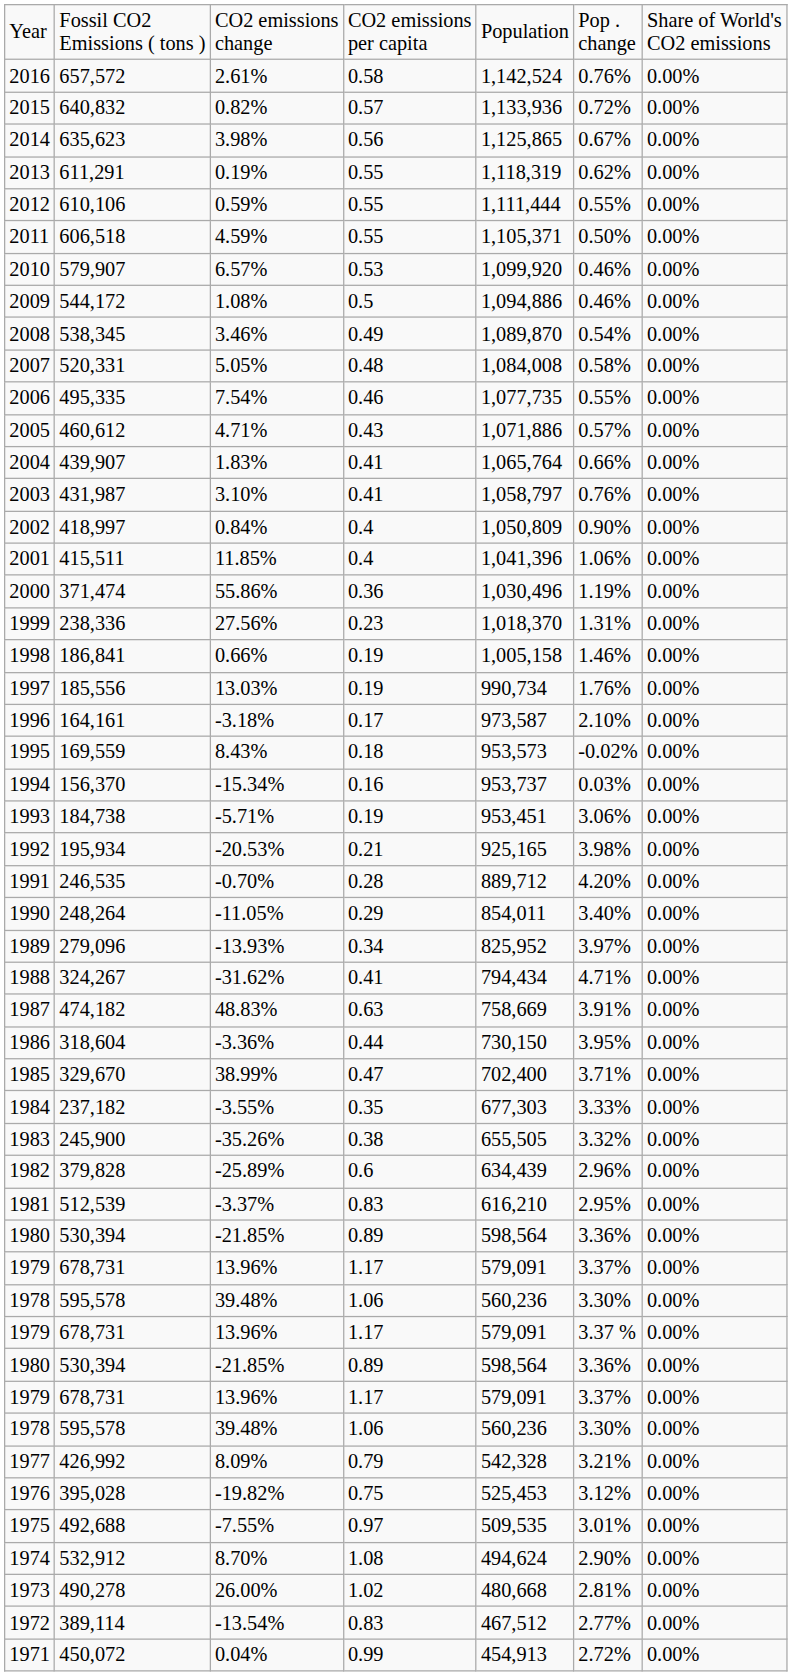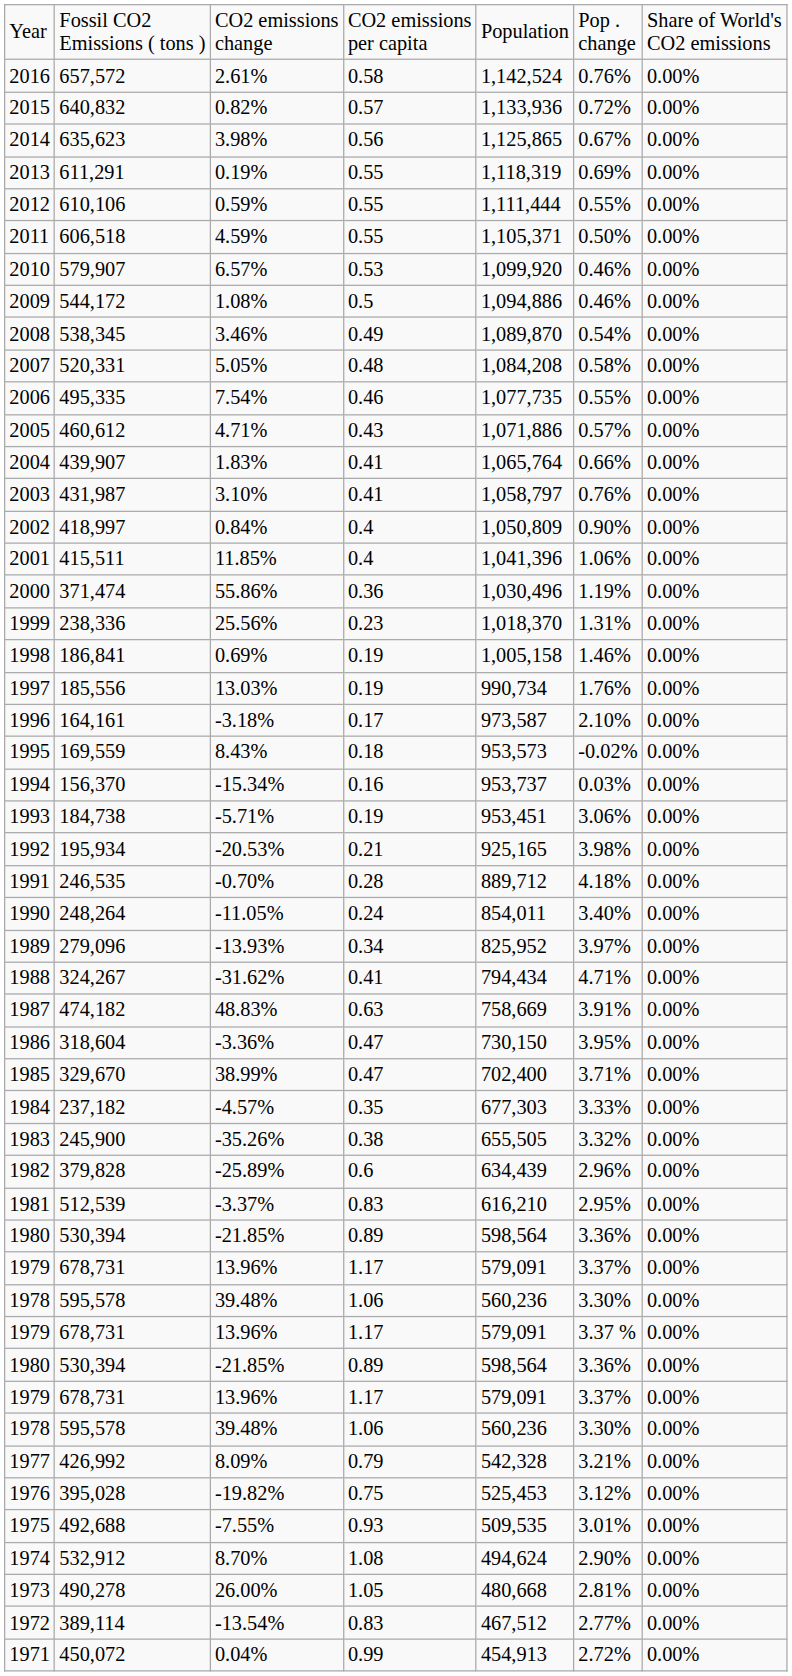 <table class="wikitable">
 <tr>
 <td>Year</td>
 <td>Fossil CO2<br>Emissions ( tons )</td>
 <td>CO2 emissions<br>change</td>
 <td>CO2 emissions<br>per capita</td>
 <td>Population</td>
 <td>Pop .<br>change</td>
 <td>Share of World's<br>CO2 emissions</td>
 </tr>
 <tr>
 <td>2016</td>
 <td>657,572</td>
 <td>2.61%</td>
 <td>0.58</td>
 <td>1,142,524</td>
 <td>0.76%</td>
 <td>0.00%</td>
 </tr>
 <tr>
 <td>2015</td>
 <td>640,832</td>
 <td>0.82%</td>
 <td>0.57</td>
 <td>1,133,936</td>
 <td>0.72%</td>
 <td>0.00%</td>
 </tr>
 <tr>
 <td>2014</td>
 <td>635,623</td>
 <td>3.98%</td>
 <td>0.56</td>
 <td>1,125,865</td>
 <td>0.67%</td>
 <td>0.00%</td>
 </tr>
 <tr>
 <td>2013</td>
 <td>611,291</td>
 <td>0.19%</td>
 <td>0.55</td>
 <td>1,118,319</td>
-<td>0.62%</td>
+<td>0.69%</td>
 <td>0.00%</td>
 </tr>
 <tr>
 <td>2012</td>
 <td>610,106</td>
 <td>0.59%</td>
 <td>0.55</td>
 <td>1,111,444</td>
 <td>0.55%</td>
 <td>0.00%</td>
 </tr>
 <tr>
 <td>2011</td>
 <td>606,518</td>
 <td>4.59%</td>
 <td>0.55</td>
 <td>1,105,371</td>
 <td>0.50%</td>
 <td>0.00%</td>
 </tr>
 <tr>
 <td>2010</td>
 <td>579,907</td>
 <td>6.57%</td>
 <td>0.53</td>
 <td>1,099,920</td>
 <td>0.46%</td>
 <td>0.00%</td>
 </tr>
 <tr>
 <td>2009</td>
 <td>544,172</td>
 <td>1.08%</td>
 <td>0.5</td>
 <td>1,094,886</td>
 <td>0.46%</td>
 <td>0.00%</td>
 </tr>
 <tr>
 <td>2008</td>
 <td>538,345</td>
 <td>3.46%</td>
 <td>0.49</td>
 <td>1,089,870</td>
 <td>0.54%</td>
 <td>0.00%</td>
 </tr>
 <tr>
 <td>2007</td>
 <td>520,331</td>
 <td>5.05%</td>
 <td>0.48</td>
-<td>1,084,008</td>
+<td>1,084,208</td>
 <td>0.58%</td>
 <td>0.00%</td>
 </tr>
 <tr>
 <td>2006</td>
 <td>495,335</td>
 <td>7.54%</td>
 <td>0.46</td>
 <td>1,077,735</td>
 <td>0.55%</td>
 <td>0.00%</td>
 </tr>
 <tr>
 <td>2005</td>
 <td>460,612</td>
 <td>4.71%</td>
 <td>0.43</td>
 <td>1,071,886</td>
 <td>0.57%</td>
 <td>0.00%</td>
 </tr>
 <tr>
 <td>2004</td>
 <td>439,907</td>
 <td>1.83%</td>
 <td>0.41</td>
 <td>1,065,764</td>
 <td>0.66%</td>
 <td>0.00%</td>
 </tr>
 <tr>
 <td>2003</td>
 <td>431,987</td>
 <td>3.10%</td>
 <td>0.41</td>
 <td>1,058,797</td>
 <td>0.76%</td>
 <td>0.00%</td>
 </tr>
 <tr>
 <td>2002</td>
 <td>418,997</td>
 <td>0.84%</td>
 <td>0.4</td>
 <td>1,050,809</td>
 <td>0.90%</td>
 <td>0.00%</td>
 </tr>
 <tr>
 <td>2001</td>
 <td>415,511</td>
 <td>11.85%</td>
 <td>0.4</td>
 <td>1,041,396</td>
 <td>1.06%</td>
 <td>0.00%</td>
 </tr>
 <tr>
 <td>2000</td>
 <td>371,474</td>
 <td>55.86%</td>
 <td>0.36</td>
 <td>1,030,496</td>
 <td>1.19%</td>
 <td>0.00%</td>
 </tr>
 <tr>
 <td>1999</td>
 <td>238,336</td>
-<td>27.56%</td>
+<td>25.56%</td>
 <td>0.23</td>
 <td>1,018,370</td>
 <td>1.31%</td>
 <td>0.00%</td>
 </tr>
 <tr>
 <td>1998</td>
 <td>186,841</td>
-<td>0.66%</td>
+<td>0.69%</td>
 <td>0.19</td>
 <td>1,005,158</td>
 <td>1.46%</td>
 <td>0.00%</td>
 </tr>
 <tr>
 <td>1997</td>
 <td>185,556</td>
 <td>13.03%</td>
 <td>0.19</td>
 <td>990,734</td>
 <td>1.76%</td>
 <td>0.00%</td>
 </tr>
 <tr>
 <td>1996</td>
 <td>164,161</td>
 <td>-3.18%</td>
 <td>0.17</td>
 <td>973,587</td>
 <td>2.10%</td>
 <td>0.00%</td>
 </tr>
 <tr>
 <td>1995</td>
 <td>169,559</td>
 <td>8.43%</td>
 <td>0.18</td>
 <td>953,573</td>
 <td>-0.02%</td>
 <td>0.00%</td>
 </tr>
 <tr>
 <td>1994</td>
 <td>156,370</td>
 <td>-15.34%</td>
 <td>0.16</td>
 <td>953,737</td>
 <td>0.03%</td>
 <td>0.00%</td>
 </tr>
 <tr>
 <td>1993</td>
 <td>184,738</td>
 <td>-5.71%</td>
 <td>0.19</td>
 <td>953,451</td>
 <td>3.06%</td>
 <td>0.00%</td>
 </tr>
 <tr>
 <td>1992</td>
 <td>195,934</td>
 <td>-20.53%</td>
 <td>0.21</td>
 <td>925,165</td>
 <td>3.98%</td>
 <td>0.00%</td>
 </tr>
 <tr>
 <td>1991</td>
 <td>246,535</td>
 <td>-0.70%</td>
 <td>0.28</td>
 <td>889,712</td>
-<td>4.20%</td>
+<td>4.18%</td>
 <td>0.00%</td>
 </tr>
 <tr>
 <td>1990</td>
 <td>248,264</td>
 <td>-11.05%</td>
-<td>0.29</td>
+<td>0.24</td>
 <td>854,011</td>
 <td>3.40%</td>
 <td>0.00%</td>
 </tr>
 <tr>
 <td>1989</td>
 <td>279,096</td>
 <td>-13.93%</td>
 <td>0.34</td>
 <td>825,952</td>
 <td>3.97%</td>
 <td>0.00%</td>
 </tr>
 <tr>
 <td>1988</td>
 <td>324,267</td>
 <td>-31.62%</td>
 <td>0.41</td>
 <td>794,434</td>
 <td>4.71%</td>
 <td>0.00%</td>
 </tr>
 <tr>
 <td>1987</td>
 <td>474,182</td>
 <td>48.83%</td>
 <td>0.63</td>
 <td>758,669</td>
 <td>3.91%</td>
 <td>0.00%</td>
 </tr>
 <tr>
 <td>1986</td>
 <td>318,604</td>
 <td>-3.36%</td>
-<td>0.44</td>
+<td>0.47</td>
 <td>730,150</td>
 <td>3.95%</td>
 <td>0.00%</td>
 </tr>
 <tr>
 <td>1985</td>
 <td>329,670</td>
 <td>38.99%</td>
 <td>0.47</td>
 <td>702,400</td>
 <td>3.71%</td>
 <td>0.00%</td>
 </tr>
 <tr>
 <td>1984</td>
 <td>237,182</td>
-<td>-3.55%</td>
+<td>-4.57%</td>
 <td>0.35</td>
 <td>677,303</td>
 <td>3.33%</td>
 <td>0.00%</td>
 </tr>
 <tr>
 <td>1983</td>
 <td>245,900</td>
 <td>-35.26%</td>
 <td>0.38</td>
 <td>655,505</td>
 <td>3.32%</td>
 <td>0.00%</td>
 </tr>
 <tr>
 <td>1982</td>
 <td>379,828</td>
 <td>-25.89%</td>
 <td>0.6</td>
 <td>634,439</td>
 <td>2.96%</td>
 <td>0.00%</td>
 </tr>
 <tr>
 <td>1981</td>
 <td>512,539</td>
 <td>-3.37%</td>
 <td>0.83</td>
 <td>616,210</td>
 <td>2.95%</td>
 <td>0.00%</td>
 </tr>
 <tr>
 <td>1980</td>
 <td>530,394</td>
 <td>-21.85%</td>
 <td>0.89</td>
 <td>598,564</td>
 <td>3.36%</td>
 <td>0.00%</td>
 </tr>
 <tr>
 <td>1979</td>
 <td>678,731</td>
 <td>13.96%</td>
 <td>1.17</td>
 <td>579,091</td>
 <td>3.37%</td>
 <td>0.00%</td>
 </tr>
 <tr>
 <td>1978</td>
 <td>595,578</td>
 <td>39.48%</td>
 <td>1.06</td>
 <td>560,236</td>
 <td>3.30%</td>
 <td>0.00%</td>
 </tr>
 <tr>
 <td>1979</td>
 <td>678,731</td>
 <td>13.96%</td>
 <td>1.17</td>
 <td>579,091</td>
 <td>3.37 %</td>
 <td>0.00%</td>
 </tr>
 <tr>
 <td>1980</td>
 <td>530,394</td>
 <td>-21.85%</td>
 <td>0.89</td>
 <td>598,564</td>
 <td>3.36%</td>
 <td>0.00%</td>
 </tr>
 <tr>
 <td>1979</td>
 <td>678,731</td>
 <td>13.96%</td>
 <td>1.17</td>
 <td>579,091</td>
 <td>3.37%</td>
 <td>0.00%</td>
 </tr>
 <tr>
 <td>1978</td>
 <td>595,578</td>
 <td>39.48%</td>
 <td>1.06</td>
 <td>560,236</td>
 <td>3.30%</td>
 <td>0.00%</td>
 </tr>
 <tr>
 <td>1977</td>
 <td>426,992</td>
 <td>8.09%</td>
 <td>0.79</td>
 <td>542,328</td>
 <td>3.21%</td>
 <td>0.00%</td>
 </tr>
 <tr>
 <td>1976</td>
 <td>395,028</td>
 <td>-19.82%</td>
 <td>0.75</td>
 <td>525,453</td>
 <td>3.12%</td>
 <td>0.00%</td>
 </tr>
 <tr>
 <td>1975</td>
 <td>492,688</td>
 <td>-7.55%</td>
-<td>0.97</td>
+<td>0.93</td>
 <td>509,535</td>
 <td>3.01%</td>
 <td>0.00%</td>
 </tr>
 <tr>
 <td>1974</td>
 <td>532,912</td>
 <td>8.70%</td>
 <td>1.08</td>
 <td>494,624</td>
 <td>2.90%</td>
 <td>0.00%</td>
 </tr>
 <tr>
 <td>1973</td>
 <td>490,278</td>
 <td>26.00%</td>
-<td>1.02</td>
+<td>1.05</td>
 <td>480,668</td>
 <td>2.81%</td>
 <td>0.00%</td>
 </tr>
 <tr>
 <td>1972</td>
 <td>389,114</td>
 <td>-13.54%</td>
 <td>0.83</td>
 <td>467,512</td>
 <td>2.77%</td>
 <td>0.00%</td>
 </tr>
 <tr>
 <td>1971</td>
 <td>450,072</td>
 <td>0.04%</td>
 <td>0.99</td>
 <td>454,913</td>
 <td>2.72%</td>
 <td>0.00%</td>
 </tr>
 </table>
